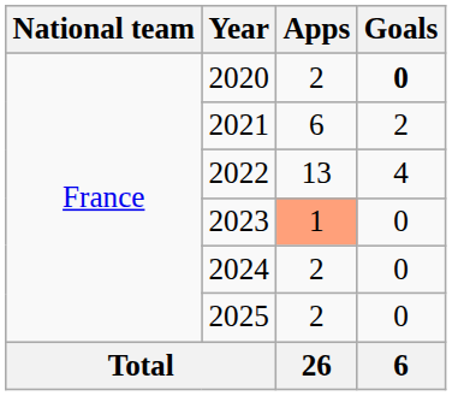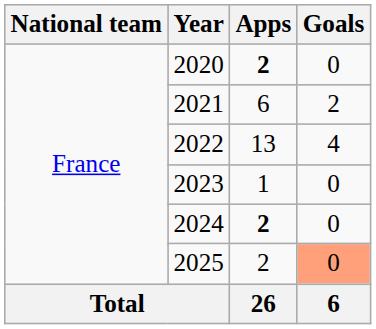 <table class="wikitable" style="text-align:center">
 <tr>
 <th>National team</th>
 <th>Year</th>
 <th>Apps</th>
 <th>Goals</th>
 </tr>
 <tr>
 <td rowspan=6><a href='#'>France</a></td>
 <td>2020</td>
-<td>2</td>
-<td><strong>0</strong></td>
+<td><strong>2</strong></td>
+<td>0</td>
 </tr>
 <tr>
 <td>2021</td>
 <td>6</td>
 <td>2</td>
 </tr>
 <tr>
 <td>2022</td>
 <td>13</td>
 <td>4</td>
 </tr>
 <tr>
 <td>2023</td>
-<td style="background: lightsalmon;">1</td>
+<td>1</td>
 <td>0</td>
 </tr>
 <tr>
 <td>2024</td>
-<td>2</td>
+<td><strong>2</strong></td>
 <td>0</td>
 </tr>
 <tr>
 <td>2025</td>
 <td>2</td>
-<td>0</td>
+<td style="background: lightsalmon;">0</td>
 </tr>
 <tr>
 <th colspan=2>Total</th>
 <th>26</th>
 <th>6</th>
 </tr>
 </table>
